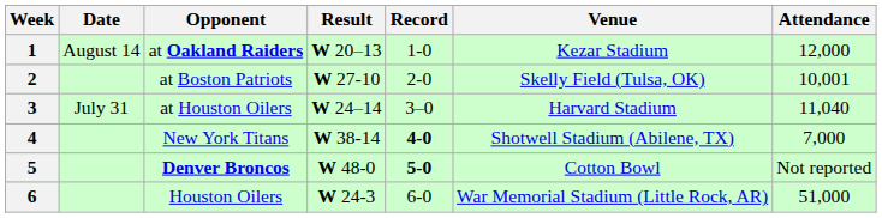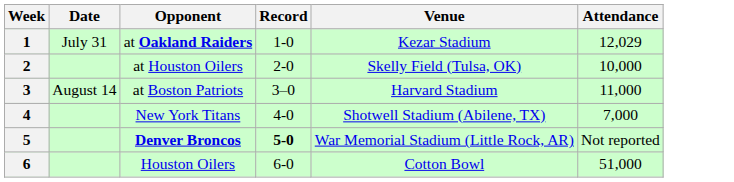 <table class="wikitable" style="text-align:center">
 <tr>
 <th>Week</th>
 <th>Date</th>
 <th>Opponent</th>
-<th>Result</th>
 <th>Record</th>
 <th>Venue</th>
 <th>Attendance</th>
 </tr>
 <tr style="background:#cfc">
 <th>1</th>
-<td>August 14</td>
+<td>July 31</td>
 <td>at <strong><a href='#'>Oakland Raiders</a></strong></td>
-<td><strong>W</strong> 20–13</td>
 <td>1-0</td>
 <td><a href='#'>Kezar Stadium</a></td>
-<td>12,000</td>
+<td>12,029</td>
 </tr>
 <tr style="background:#cfc">
 <th>2</th>
 <td></td>
-<td>at <a href='#'>Boston Patriots</a></td>
-<td><strong>W</strong> 27-10</td>
+<td>at <a href='#'>Houston Oilers</a></td>
 <td>2-0</td>
 <td><a href='#'>Skelly Field (Tulsa, OK)</a></td>
-<td>10,001</td>
+<td>10,000</td>
 </tr>
 <tr style="background:#cfc">
 <th>3</th>
-<td>July 31</td>
-<td>at <a href='#'>Houston Oilers</a></td>
-<td><strong>W</strong> 24–14</td>
+<td>August 14</td>
+<td>at <a href='#'>Boston Patriots</a></td>
 <td>3–0</td>
 <td><a href='#'>Harvard Stadium</a></td>
-<td>11,040</td>
+<td>11,000</td>
 </tr>
 <tr style="background:#cfc">
 <th>4</th>
 <td></td>
 <td><a href='#'>New York Titans</a></td>
-<td><strong>W</strong> 38-14</td>
-<td><strong>4-0</strong></td>
+<td>4-0</td>
 <td><a href='#'>Shotwell Stadium (Abilene, TX)</a></td>
 <td>7,000</td>
 </tr>
 <tr style="background:#cfc">
 <th>5</th>
 <td></td>
 <td><strong><a href='#'>Denver Broncos</a></strong></td>
-<td><strong>W</strong> 48-0</td>
 <td><strong>5-0</strong></td>
-<td><a href='#'>Cotton Bowl</a></td>
+<td><a href='#'>War Memorial Stadium (Little Rock, AR)</a></td>
 <td>Not reported</td>
 </tr>
 <tr style="background:#cfc">
 <th>6</th>
 <td></td>
 <td><a href='#'>Houston Oilers</a></td>
-<td><strong>W</strong> 24-3</td>
 <td>6-0</td>
-<td><a href='#'>War Memorial Stadium (Little Rock, AR)</a></td>
+<td><a href='#'>Cotton Bowl</a></td>
 <td>51,000</td>
 </tr>
 </table>
